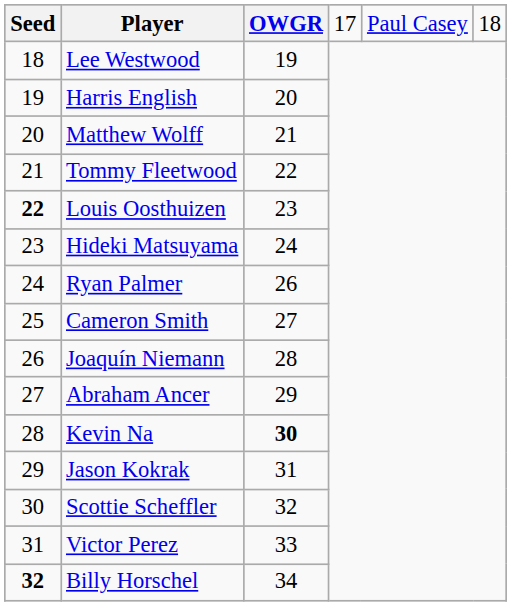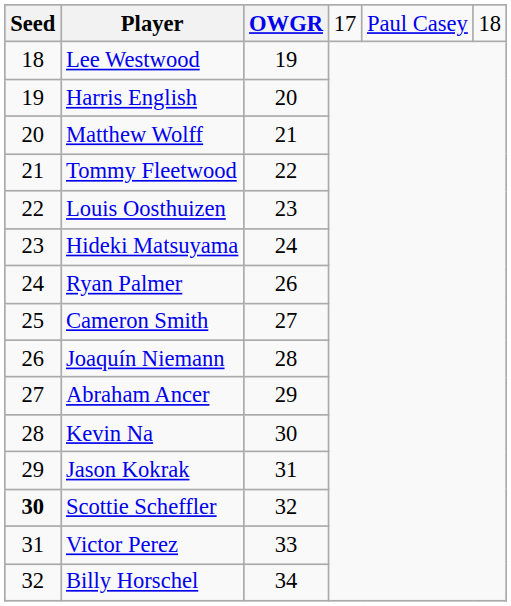 <table class=wikitable style=font-size:85%;text-align:center>
 <tr>
 <th>Seed</th>
 <th>Player</th>
 <th><a href='#'>OWGR</a></th>
 <td>17</td>
 <td style="text-align:left;"> <a href='#'>Paul Casey</a></td>
 <td>18</td>
 </tr>
 <tr>
 <td>18</td>
 <td style="text-align:left;"> <a href='#'>Lee Westwood</a></td>
 <td>19</td>
 </tr>
 <tr>
 <td>19</td>
 <td style="text-align:left;"> <a href='#'>Harris English</a></td>
 <td>20</td>
 </tr>
 <tr>
 <td>20</td>
 <td style="text-align:left;"> <a href='#'>Matthew Wolff</a></td>
 <td>21</td>
 </tr>
 <tr>
 <td>21</td>
 <td style="text-align:left;"> <a href='#'>Tommy Fleetwood</a></td>
 <td>22</td>
 </tr>
 <tr>
-<td><strong>22</strong></td>
+<td>22</td>
 <td style="text-align:left;"> <a href='#'>Louis Oosthuizen</a></td>
 <td>23</td>
 </tr>
 <tr>
 <td>23</td>
 <td style="text-align:left;"> <a href='#'>Hideki Matsuyama</a></td>
 <td>24</td>
 </tr>
 <tr>
 <td>24</td>
 <td style="text-align:left;"> <a href='#'>Ryan Palmer</a></td>
 <td>26</td>
 </tr>
 <tr>
 <td>25</td>
 <td style="text-align:left;"> <a href='#'>Cameron Smith</a></td>
 <td>27</td>
 </tr>
 <tr>
 <td>26</td>
 <td style="text-align:left;"> <a href='#'>Joaquín Niemann</a></td>
 <td>28</td>
 </tr>
 <tr>
 <td>27</td>
 <td style="text-align:left;"> <a href='#'>Abraham Ancer</a></td>
 <td>29</td>
 </tr>
 <tr>
 <td>28</td>
 <td style="text-align:left;"> <a href='#'>Kevin Na</a></td>
-<td><strong>30</strong></td>
+<td>30</td>
 </tr>
 <tr>
 <td>29</td>
 <td style="text-align:left;"> <a href='#'>Jason Kokrak</a></td>
 <td>31</td>
 </tr>
 <tr>
-<td>30</td>
+<td><strong>30</strong></td>
 <td style="text-align:left;"> <a href='#'>Scottie Scheffler</a></td>
 <td>32</td>
 </tr>
 <tr>
 <td>31</td>
 <td style="text-align:left;"> <a href='#'>Victor Perez</a></td>
 <td>33</td>
 </tr>
 <tr>
-<td><strong>32</strong></td>
+<td>32</td>
 <td style="text-align:left;"> <a href='#'>Billy Horschel</a></td>
 <td>34</td>
 </tr>
 </table>
